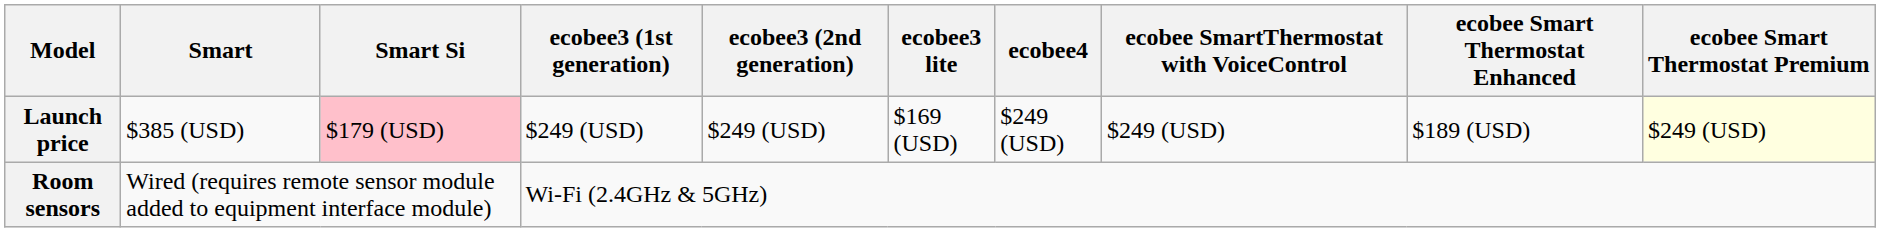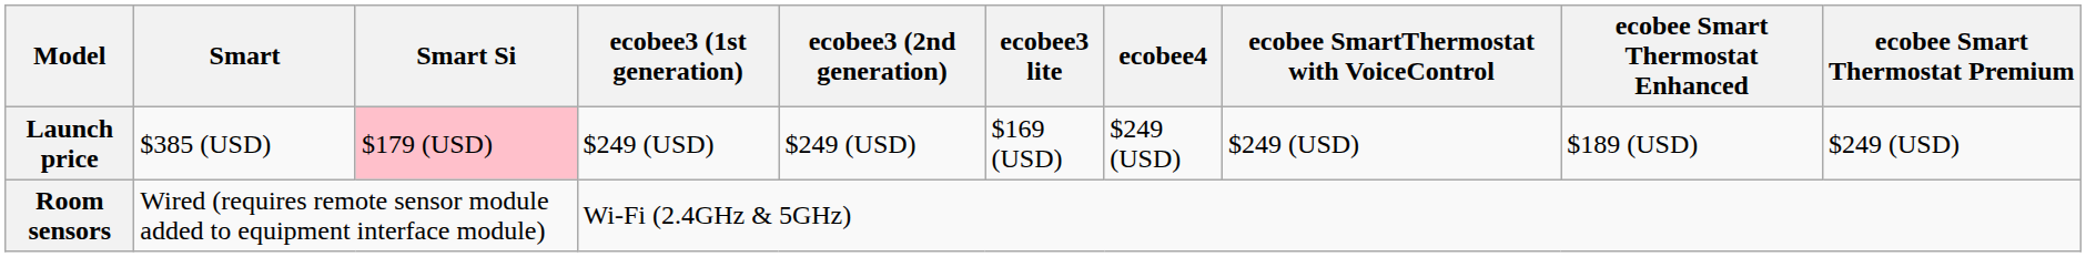 <table class="wikitable">
 <tr>
 <th>Model</th>
 <th>Smart</th>
 <th>Smart Si</th>
 <th>ecobee3 (1st generation)</th>
 <th>ecobee3 (2nd generation)</th>
 <th>ecobee3 lite</th>
 <th>ecobee4</th>
 <th>ecobee SmartThermostat with VoiceControl</th>
 <th>ecobee Smart Thermostat Enhanced</th>
 <th>ecobee Smart Thermostat Premium</th>
 </tr>
 <tr>
 <th>Launch price</th>
 <td>$385 (USD)</td>
 <td style="background: pink;">$179 (USD)</td>
 <td>$249 (USD)</td>
 <td>$249 (USD)</td>
 <td>$169 (USD)</td>
 <td>$249 (USD)</td>
 <td>$249 (USD)</td>
 <td>$189 (USD)</td>
-<td style="background: lightyellow;">$249 (USD)</td>
+<td>$249 (USD)</td>
 </tr>
 <tr>
 <th>Room sensors</th>
 <td colspan="2">Wired (requires remote sensor module added to equipment interface module)</td>
 <td colspan="7">Wi-Fi (2.4GHz & 5GHz) </td>
 </tr>
 </table>
